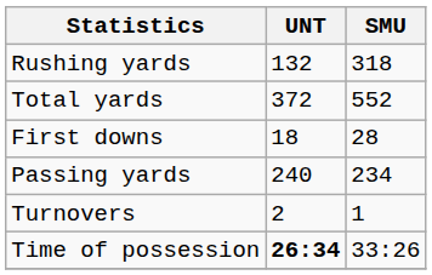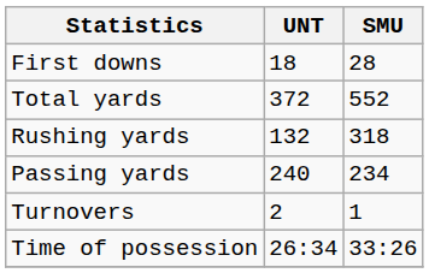 <table class="wikitable" style="float: left;">
 <tr>
 <th>Statistics</th>
 <th>UNT</th>
 <th>SMU</th>
 </tr>
 <tr>
-<td>Rushing yards</td>
-<td>132</td>
-<td>318</td>
+<td>First downs</td>
+<td>18</td>
+<td>28</td>
 </tr>
 <tr>
 <td>Total yards</td>
 <td>372</td>
 <td>552</td>
 </tr>
 <tr>
-<td>First downs</td>
-<td>18</td>
-<td>28</td>
+<td>Rushing yards</td>
+<td>132</td>
+<td>318</td>
 </tr>
 <tr>
 <td>Passing yards</td>
 <td>240</td>
 <td>234</td>
 </tr>
 <tr>
 <td>Turnovers</td>
 <td>2</td>
 <td>1</td>
 </tr>
 <tr>
 <td>Time of possession</td>
-<td><strong>26:34</strong></td>
+<td>26:34</td>
 <td>33:26</td>
 </tr>
 <tr>
 </tr>
 </table>
